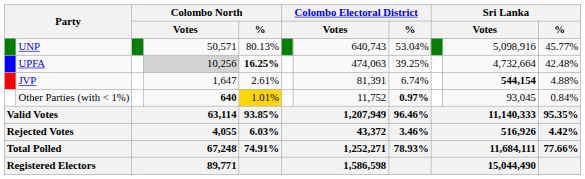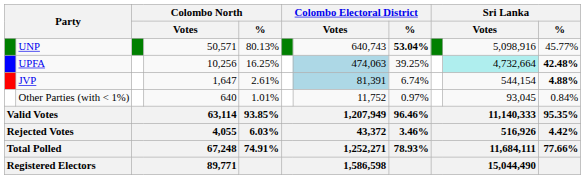 <table class="wikitable">
 <tr>
 <th colspan="2" width="144px"rowspan="2">Party</th>
 <th colspan="3" width="216px">Colombo North</th>
 <th colspan="3" width="216px"><a href='#'>Colombo Electoral District</a></th>
 <th colspan="3" width="216px">Sri Lanka</th>
 </tr>
 <tr>
 <th colspan="2" width="144px">Votes</th>
 <th>%</th>
 <th colspan="2" width="144px">Votes</th>
 <th>%</th>
 <th colspan="2" width="144px">Votes</th>
 <th>%</th>
 </tr>
 <tr>
 <td style="background-color:green;" width="10px"></td>
 <td style="text-align:left;"><a href='#'>UNP</a></td>
 <td style="background-color:green;" width="10px"></td>
 <td style="text-align:right;">50,571</td>
 <td style="text-align:right;">80.13%</td>
 <td style="background-color:green;" width="10px"></td>
 <td style="text-align:right;">640,743</td>
-<td style="text-align:right;">53.04%</td>
+<td style="text-align:right;"><strong>53.04%</strong></td>
 <td style="background-color:green;" width="10px"></td>
 <td style="text-align:right;">5,098,916</td>
 <td style="text-align:right;">45.77%</td>
 </tr>
 <tr>
 <td style="background-color:blue;" width="10px"></td>
 <td style="text-align:left;"><a href='#'>UPFA</a></td>
 <td style="background-color:white;" width="10px"></td>
-<td style="background: lightgrey; text-align:right;">10,256</td>
-<td style="text-align:right;"><strong>16.25%</strong></td>
+<td style="text-align:right;">10,256</td>
+<td style="text-align:right;">16.25%</td>
 <td style="background-color:white;" width="10px"></td>
-<td style="text-align:right;">474,063</td>
+<td style="background: lightblue; text-align:right;">474,063</td>
 <td style="text-align:right;">39.25%</td>
 <td style="background-color:white;" width="10px"></td>
-<td style="text-align:right;">4,732,664</td>
-<td style="text-align:right;">42.48%</td>
+<td style="background: paleturquoise; text-align:right;">4,732,664</td>
+<td style="text-align:right;"><strong>42.48%</strong></td>
 </tr>
 <tr>
 <td style="background-color:red;" width="10px"></td>
 <td style="text-align:left;"><a href='#'>JVP</a></td>
 <td style="background-color:white;" width="10px"></td>
 <td style="text-align:right;">1,647</td>
 <td style="text-align:right;">2.61%</td>
 <td style="background-color:white;" width="10px"></td>
-<td style="text-align:right;">81,391</td>
+<td style="background: lightblue; text-align:right;">81,391</td>
 <td style="text-align:right;">6.74%</td>
 <td style="background-color:white;" width="10px"></td>
-<td style="text-align:right;"><strong>544,154</strong></td>
-<td style="text-align:right;">4.88%</td>
+<td style="text-align:right;">544,154</td>
+<td style="text-align:right;"><strong>4.88%</strong></td>
 </tr>
 <tr>
 <td style="background-color:white;" width="10px"></td>
 <td style="text-align:left;">Other Parties (with < 1%)</td>
 <td style="background-color:white;" width="10px"></td>
-<td style="text-align:right;"><strong>640</strong></td>
-<td style="background: gold; text-align:right;">1.01%</td>
+<td style="text-align:right;">640</td>
+<td style="text-align:right;">1.01%</td>
 <td style="background-color:white;" width="10px"></td>
 <td style="text-align:right;">11,752</td>
-<td style="text-align:right;"><strong>0.97%</strong></td>
+<td style="text-align:right;">0.97%</td>
 <td style="background-color:white;" width="10px"></td>
 <td style="text-align:right;">93,045</td>
 <td style="text-align:right;">0.84%</td>
 </tr>
 <tr>
 <th colspan="2" width="144px"style="text-align:left;">Valid Votes</th>
 <th style="text-align:right;"colspan="2" width="144px">63,114</th>
 <th style="text-align:right;">93.85%</th>
 <th style="text-align:right;"colspan="2" width="144px">1,207,949</th>
 <th style="text-align:right;">96.46%</th>
 <th style="text-align:right;"colspan="2" width="144px">11,140,333</th>
 <th style="text-align:right;">95.35%</th>
 </tr>
 <tr>
 <th colspan="2" width="144px"style="text-align:left;">Rejected Votes</th>
 <th style="text-align:right;"colspan="2" width="144px">4,055</th>
 <th style="text-align:right;">6.03%</th>
 <th style="text-align:right;"colspan="2" width="144px">43,372</th>
 <th style="text-align:right;">3.46%</th>
 <th style="text-align:right;"colspan="2" width="144px">516,926</th>
 <th style="text-align:right;">4.42%</th>
 </tr>
 <tr>
 <th colspan="2" width="144px"style="text-align:left;">Total Polled</th>
 <th style="text-align:right;"colspan="2" width="144px">67,248</th>
 <th style="text-align:right;">74.91%</th>
 <th style="text-align:right;"colspan="2" width="144px">1,252,271</th>
 <th style="text-align:right;">78.93%</th>
 <th style="text-align:right;"colspan="2" width="144px">11,684,111</th>
 <th style="text-align:right;">77.66%</th>
 </tr>
 <tr>
 <th colspan="2" width="144px"style="text-align:left;">Registered Electors</th>
 <th style="text-align:right;"colspan="2" width="144px">89,771</th>
 <th></th>
 <th style="text-align:right;"colspan="2" width="144px">1,586,598</th>
 <th></th>
 <th style="text-align:right;"colspan="2" width="144px">15,044,490</th>
 <th></th>
 </tr>
 </table>
